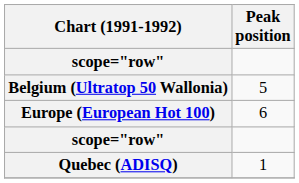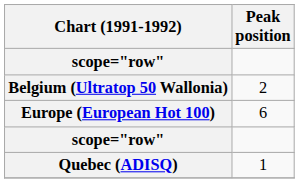 <table class="wikitable sortable plainrowheaders">
 <tr>
 <th align="left">Chart (1991-1992)</th>
 <th align="center">Peak<br>position</th>
 </tr>
 <tr>
 <th>scope="row"</th>
 </tr>
 <tr>
 <th scope="row">Belgium (<a href='#'>Ultratop 50</a> Wallonia)</th>
-<td align="center">5</td>
+<td align="center">2</td>
 </tr>
 <tr>
 <th scope="row">Europe (<a href='#'>European Hot 100</a>)</th>
 <td align="center">6</td>
 </tr>
 <tr>
 <th>scope="row"</th>
 </tr>
 <tr>
 <th scope="row">Quebec (<a href='#'>ADISQ</a>)</th>
 <td align="center">1</td>
 </tr>
 <tr>
 </tr>
 </table>
